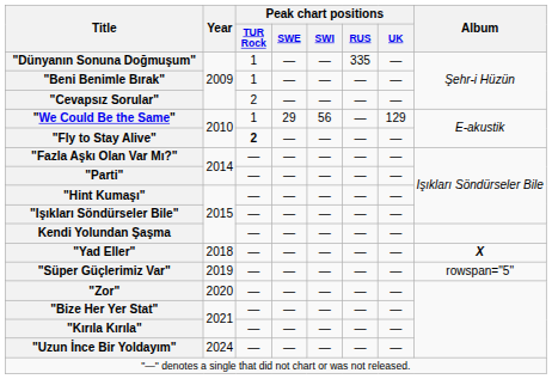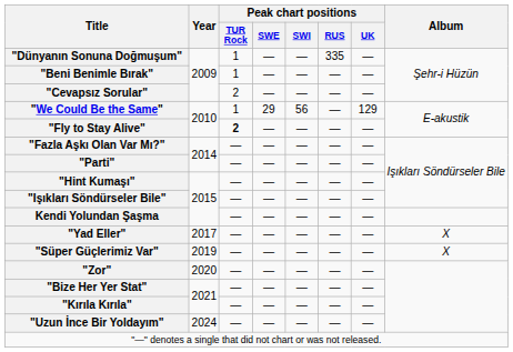 <table class="wikitable plainrowheaders" style="text-align:center;">
 <tr>
 <th scope="col" rowspan="2" style="width:16em;">Title</th>
 <th scope="col" rowspan="2" style="width:1em;">Year</th>
 <th scope="col" colspan="5">Peak chart positions</th>
 <th scope="col" rowspan="2">Album</th>
 </tr>
 <tr>
 <th scope="col" style="width:3em;font-size:85%;"><a href='#'>TUR<br>Rock</a><br></th>
 <th scope="col" style="width:3em;font-size:85%;"><a href='#'>SWE</a><br></th>
 <th scope="col" style="width:3em;font-size:85%;"><a href='#'>SWI</a><br></th>
 <th scope="col" style="width:3em;font-size:85%;"><a href='#'>RUS</a><br></th>
 <th scope="col" style="width:3em;font-size:85%;"><a href='#'>UK</a><br></th>
 </tr>
 <tr>
 <th scope="row">"Dünyanın Sonuna Doğmuşum"</th>
 <td rowspan="3">2009</td>
 <td>1</td>
 <td>—</td>
 <td>—</td>
 <td>335</td>
 <td>—</td>
 <td rowspan="3"><em>Şehr-i Hüzün</em></td>
 </tr>
 <tr>
 <th scope="row">"Beni Benimle Bırak"</th>
 <td>1</td>
 <td>—</td>
 <td>—</td>
 <td>—</td>
 <td>—</td>
 </tr>
 <tr>
 <th scope="row">"Cevapsız Sorular"</th>
 <td>2</td>
 <td>—</td>
 <td>—</td>
 <td>—</td>
 <td>—</td>
 </tr>
 <tr>
 <th scope="row">"<a href='#'>We Could Be the Same</a>"</th>
 <td rowspan="2">2010</td>
 <td>1</td>
 <td>29</td>
 <td>56</td>
 <td>—</td>
 <td>129</td>
 <td rowspan="2"><em>E-akustik</em></td>
 </tr>
 <tr>
 <th scope="row">"Fly to Stay Alive"</th>
 <td><strong>2</strong></td>
 <td>—</td>
 <td>—</td>
 <td>—</td>
 <td>—</td>
 </tr>
 <tr>
 <th scope="row">"Fazla Aşkı Olan Var Mı?"</th>
 <td rowspan="2">2014</td>
 <td>—</td>
 <td>—</td>
 <td>—</td>
 <td>—</td>
 <td>—</td>
 <td rowspan="4"><em>Işıkları Söndürseler Bile</em></td>
 </tr>
 <tr>
 <th scope="row">"Parti"</th>
 <td>—</td>
 <td>—</td>
 <td>—</td>
 <td>—</td>
 <td>—</td>
 </tr>
 <tr>
 <th scope="row">"Hint Kumaşı"</th>
 <td rowspan="3">2015</td>
 <td>—</td>
 <td>—</td>
 <td>—</td>
 <td>—</td>
 <td>—</td>
 </tr>
 <tr>
 <th scope="row">"Işıkları Söndürseler Bile"</th>
 <td>—</td>
 <td>—</td>
 <td>—</td>
 <td>—</td>
 <td>—</td>
 </tr>
 <tr>
 <th scope="row">Kendi Yolundan Şaşma</th>
 <td>—</td>
 <td>—</td>
 <td>—</td>
 <td>—</td>
 <td>—</td>
 <td></td>
 </tr>
 <tr>
 <th scope="row">"Yad Eller"</th>
-<td>2018</td>
+<td>2017</td>
 <td>—</td>
 <td>—</td>
 <td>—</td>
 <td>—</td>
 <td>—</td>
-<td><strong><em>X</em></strong></td>
+<td><em>X</em></td>
 </tr>
 <tr>
 <th scope="row">"Süper Güçlerimiz Var"</th>
 <td>2019</td>
 <td>—</td>
 <td>—</td>
 <td>—</td>
 <td>—</td>
 <td>—</td>
-<td>rowspan="5" </td>
+<td><em>X</em></td>
 </tr>
 <tr>
 <th scope="row">"Zor"</th>
 <td>2020</td>
 <td>—</td>
 <td>—</td>
 <td>—</td>
 <td>—</td>
 <td>—</td>
 </tr>
 <tr>
 <th scope="row">"Bize Her Yer Stat"</th>
 <td rowspan="2">2021</td>
 <td>—</td>
 <td>—</td>
 <td>—</td>
 <td>—</td>
 <td>—</td>
 </tr>
 <tr>
 <th scope="row">"Kırıla Kırıla"</th>
 <td>—</td>
 <td>—</td>
 <td>—</td>
 <td>—</td>
 <td>—</td>
 </tr>
 <tr>
 <th scope="row">"Uzun İnce Bir Yoldayım"</th>
 <td rowspan="1">2024</td>
 <td>—</td>
 <td>—</td>
 <td>—</td>
 <td>—</td>
 <td>—</td>
 </tr>
 <tr>
 <td colspan="14" style="font-size:85%">"—" denotes a single that did not chart or was not released.</td>
 </tr>
 </table>
